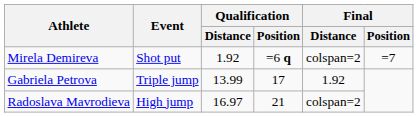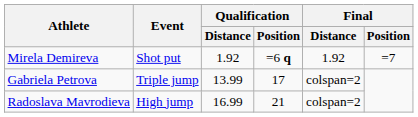 <table class=wikitable style=font-size:90%>
 <tr>
 <th rowspan=2>Athlete</th>
 <th rowspan=2>Event</th>
 <th colspan=2>Qualification</th>
 <th colspan=2>Final</th>
 </tr>
 <tr style=font-size:95%>
 <th>Distance</th>
 <th>Position</th>
 <th>Distance</th>
 <th>Position</th>
 </tr>
 <tr align=center>
 <td align=left><a href='#'>Mirela Demireva</a></td>
 <td align=left><a href='#'>Shot put</a></td>
 <td>1.92</td>
 <td>=6 <strong>q</strong></td>
-<td>colspan=2 </td>
+<td>1.92</td>
 <td>=7</td>
 </tr>
 <tr align=center>
 <td align=left><a href='#'>Gabriela Petrova</a></td>
 <td align=left><a href='#'>Triple jump</a></td>
 <td>13.99</td>
 <td>17</td>
-<td>1.92</td>
+<td>colspan=2 </td>
 </tr>
 <tr align=center>
 <td align=left><a href='#'>Radoslava Mavrodieva</a></td>
 <td align=left><a href='#'>High jump</a></td>
-<td>16.97</td>
+<td>16.99</td>
 <td>21</td>
 <td>colspan=2 </td>
 </tr>
 </table>
